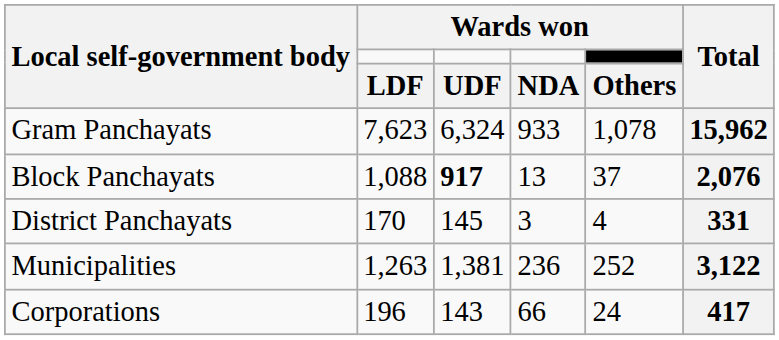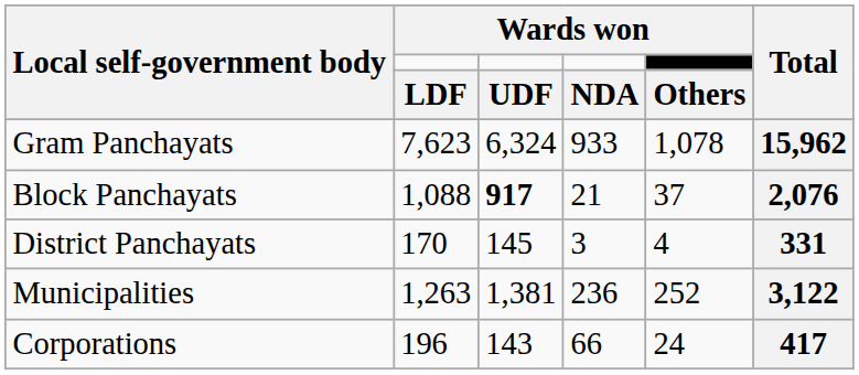 <table class="wikitable">
 <tr>
 <th rowspan="3">Local self-government body</th>
 <th colspan="4">Wards won</th>
 <th rowspan="3">Total</th>
 </tr>
 <tr>
 <td style="background:"></td>
 <td style="background:"></td>
 <td style="background:"></td>
 <td style="background:black"></td>
 </tr>
 <tr>
 <th>LDF</th>
 <th>UDF</th>
 <th>NDA</th>
 <th>Others</th>
 </tr>
 <tr>
 <td>Gram Panchayats</td>
 <td>7,623</td>
 <td>6,324</td>
 <td>933</td>
 <td>1,078</td>
 <th>15,962</th>
 </tr>
 <tr>
 <td>Block Panchayats</td>
 <td>1,088</td>
 <td><strong>917</strong></td>
-<td>13</td>
+<td>21</td>
 <td>37</td>
 <th>2,076</th>
 </tr>
 <tr>
 <td>District Panchayats</td>
 <td>170</td>
 <td>145</td>
 <td>3</td>
 <td>4</td>
 <th>331</th>
 </tr>
 <tr>
 <td>Municipalities</td>
 <td>1,263</td>
 <td>1,381</td>
 <td>236</td>
 <td>252</td>
 <th>3,122</th>
 </tr>
 <tr>
 <td>Corporations</td>
 <td>196</td>
 <td>143</td>
 <td>66</td>
 <td>24</td>
 <th>417</th>
 </tr>
 </table>
